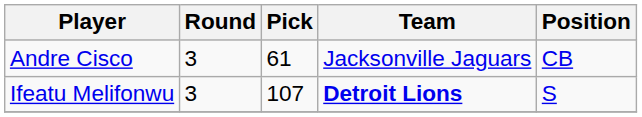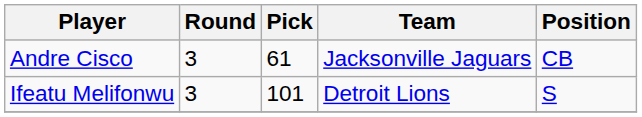 <table class="wikitable">
 <tr>
 <th>Player</th>
 <th>Round</th>
 <th>Pick</th>
 <th>Team</th>
 <th>Position</th>
 </tr>
 <tr>
 <td><a href='#'>Andre Cisco</a></td>
 <td>3</td>
 <td>61</td>
 <td><a href='#'>Jacksonville Jaguars</a></td>
 <td><a href='#'>CB</a></td>
 </tr>
 <tr>
 <td><a href='#'>Ifeatu Melifonwu</a></td>
 <td>3</td>
-<td>107</td>
-<td><strong><a href='#'>Detroit Lions</a></strong></td>
+<td>101</td>
+<td><a href='#'>Detroit Lions</a></td>
 <td><a href='#'>S</a></td>
 </tr>
 <tr>
 </tr>
 </table>
